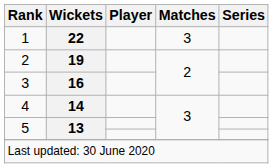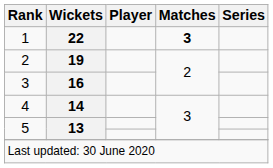 <table class="wikitable plainrowheaders sortable">
 <tr>
 <th scope=col>Rank</th>
 <th scope=col>Wickets</th>
 <th scope=col>Player</th>
 <th scope=col>Matches</th>
 <th scope=col>Series</th>
 </tr>
 <tr>
 <td align=center>1</td>
 <th scope=row style=text-align:center;>22</th>
 <td></td>
-<td align=center>3</td>
+<td align=center><strong>3</strong></td>
 <td></td>
 </tr>
 <tr>
 <td align=center>2</td>
 <th scope=row style=text-align:center;>19</th>
 <td></td>
 <td align=center rowspan=2>2</td>
 <td></td>
 </tr>
 <tr>
 <td align=center>3</td>
 <th scope=row style=text-align:center;>16</th>
 <td></td>
 <td></td>
 </tr>
 <tr>
 <td align=center>4</td>
 <th scope=row style=text-align:center;>14</th>
 <td></td>
 <td align=center rowspan=3>3</td>
 <td></td>
 </tr>
 <tr>
 <td align=center rowspan=2>5</td>
 <th scope=row style=text-align:center; rowspan=2>13</th>
 <td></td>
 <td></td>
 </tr>
 <tr>
 <td></td>
 <td></td>
 </tr>
 <tr>
 </tr>
 <tr class=sortbottom>
 <td colspan=5><small>Last updated: 30 June 2020</small></td>
 </tr>
 </table>
